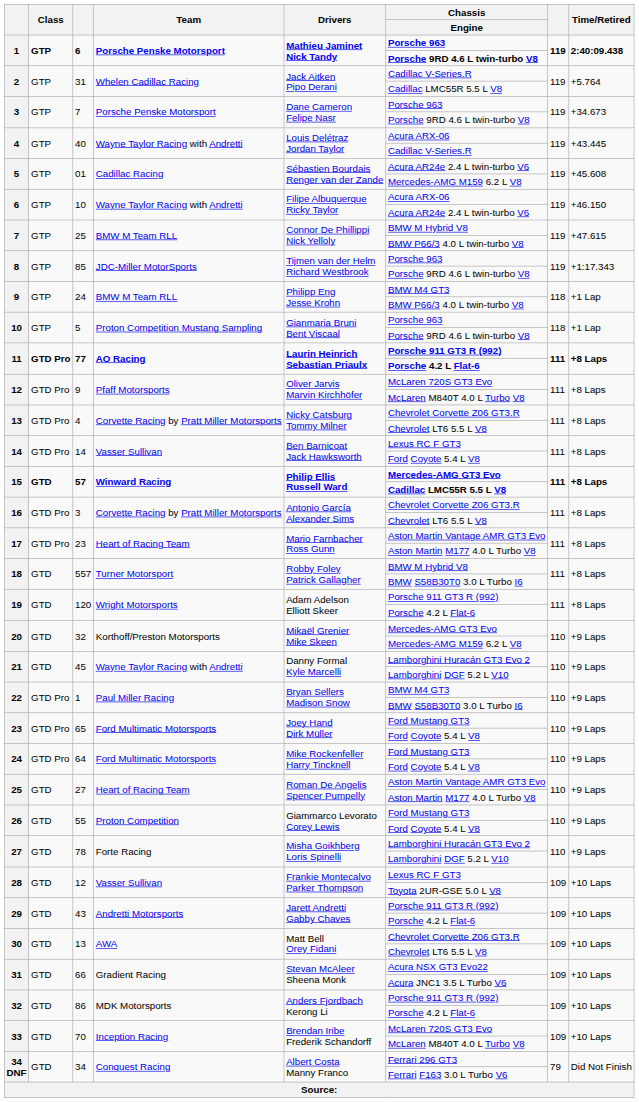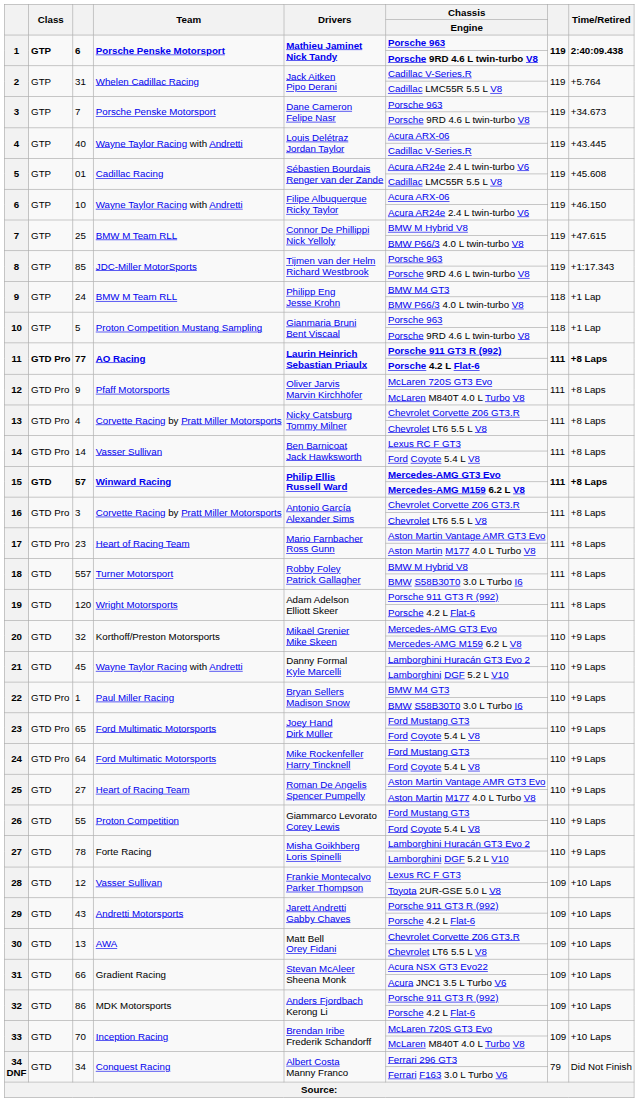 <table class="wikitable" style="font-size:95%;">
 <tr>
 <th rowspan="2"></th>
 <th rowspan="2">Class</th>
 <th rowspan="2"></th>
 <th rowspan="2">Team</th>
 <th rowspan="2">Drivers</th>
 <th>Chassis</th>
 <th rowspan="2"></th>
 <th rowspan="2">Time/Retired</th>
 </tr>
 <tr>
 <th>Engine</th>
 </tr>
 <tr style="font-weight:bold">
 <th rowspan="2">1</th>
 <td rowspan="2">GTP</td>
 <td rowspan="2">6</td>
 <td rowspan="2"> <a href='#'>Porsche Penske Motorsport</a></td>
 <td rowspan="2"> <a href='#'>Mathieu Jaminet</a><br> <a href='#'>Nick Tandy</a></td>
 <td><a href='#'>Porsche 963</a></td>
 <td rowspan="2">119</td>
 <td rowspan="2">2:40:09.438</td>
 </tr>
 <tr style="font-weight:bold">
 <td><a href='#'>Porsche</a> 9RD 4.6 L twin-turbo <a href='#'>V8</a></td>
 </tr>
 <tr>
 <th rowspan="2">2</th>
 <td rowspan="2">GTP</td>
 <td rowspan="2">31</td>
 <td rowspan="2"> <a href='#'>Whelen Cadillac Racing</a></td>
 <td rowspan="2"> <a href='#'>Jack Aitken</a><br> <a href='#'>Pipo Derani</a></td>
 <td><a href='#'>Cadillac V-Series.R</a></td>
 <td rowspan="2">119</td>
 <td rowspan="2">+5.764</td>
 </tr>
 <tr>
 <td><a href='#'>Cadillac</a> LMC55R 5.5 L <a href='#'>V8</a></td>
 </tr>
 <tr>
 <th rowspan="2">3</th>
 <td rowspan="2">GTP</td>
 <td rowspan="2">7</td>
 <td rowspan="2"> <a href='#'>Porsche Penske Motorsport</a></td>
 <td rowspan="2"> <a href='#'>Dane Cameron</a><br> <a href='#'>Felipe Nasr</a></td>
 <td><a href='#'>Porsche 963</a></td>
 <td rowspan="2">119</td>
 <td rowspan="2">+34.673</td>
 </tr>
 <tr>
 <td><a href='#'>Porsche</a> 9RD 4.6 L twin-turbo <a href='#'>V8</a></td>
 </tr>
 <tr>
 <th rowspan="2">4</th>
 <td rowspan="2">GTP</td>
 <td rowspan="2">40</td>
 <td rowspan="2"> <a href='#'>Wayne Taylor Racing</a> with <a href='#'>Andretti</a></td>
 <td rowspan="2"> <a href='#'>Louis Delétraz</a><br> <a href='#'>Jordan Taylor</a></td>
 <td><a href='#'>Acura ARX-06</a></td>
 <td rowspan="2">119</td>
 <td rowspan="2">+43.445</td>
 </tr>
 <tr>
 <td><a href='#'>Cadillac V-Series.R</a></td>
 </tr>
 <tr>
 <th rowspan="2">5</th>
 <td rowspan="2">GTP</td>
 <td rowspan="2">01</td>
 <td rowspan="2"> <a href='#'>Cadillac Racing</a></td>
 <td rowspan="2"> <a href='#'>Sébastien Bourdais</a><br> <a href='#'>Renger van der Zande</a></td>
 <td><a href='#'>Acura AR24e</a> 2.4 L twin-turbo <a href='#'>V6</a></td>
 <td rowspan="2">119</td>
 <td rowspan="2">+45.608</td>
 </tr>
 <tr>
-<td><a href='#'>Mercedes-AMG M159</a> 6.2 L <a href='#'>V8</a></td>
+<td><a href='#'>Cadillac</a> LMC55R 5.5 L <a href='#'>V8</a></td>
 </tr>
 <tr>
 <th rowspan="2">6</th>
 <td rowspan="2">GTP</td>
 <td rowspan="2">10</td>
 <td rowspan="2"> <a href='#'>Wayne Taylor Racing</a> with <a href='#'>Andretti</a></td>
 <td rowspan="2"> <a href='#'>Filipe Albuquerque</a><br> <a href='#'>Ricky Taylor</a></td>
 <td><a href='#'>Acura ARX-06</a></td>
 <td rowspan="2">119</td>
 <td rowspan="2">+46.150</td>
 </tr>
 <tr>
 <td><a href='#'>Acura AR24e</a> 2.4 L twin-turbo <a href='#'>V6</a></td>
 </tr>
 <tr>
 <th rowspan="2">7</th>
 <td rowspan="2">GTP</td>
 <td rowspan="2">25</td>
 <td rowspan="2"> <a href='#'>BMW M Team RLL</a></td>
 <td rowspan="2"> <a href='#'>Connor De Phillippi</a><br> <a href='#'>Nick Yelloly</a></td>
 <td><a href='#'>BMW M Hybrid V8</a></td>
 <td rowspan="2">119</td>
 <td rowspan="2">+47.615</td>
 </tr>
 <tr>
 <td><a href='#'>BMW P66/3</a> 4.0 L twin-turbo <a href='#'>V8</a></td>
 </tr>
 <tr>
 <th rowspan="2">8</th>
 <td rowspan="2">GTP</td>
 <td rowspan="2">85</td>
 <td rowspan="2"> <a href='#'>JDC-Miller MotorSports</a></td>
 <td rowspan="2"> <a href='#'>Tijmen van der Helm</a><br> <a href='#'>Richard Westbrook</a></td>
 <td><a href='#'>Porsche 963</a></td>
 <td rowspan="2">119</td>
 <td rowspan="2">+1:17.343</td>
 </tr>
 <tr>
 <td><a href='#'>Porsche</a> 9RD 4.6 L twin-turbo <a href='#'>V8</a></td>
 </tr>
 <tr>
 <th rowspan="2">9</th>
 <td rowspan="2">GTP</td>
 <td rowspan="2">24</td>
 <td rowspan="2"> <a href='#'>BMW M Team RLL</a></td>
 <td rowspan="2"> <a href='#'>Philipp Eng</a><br> <a href='#'>Jesse Krohn</a></td>
 <td><a href='#'>BMW M4 GT3</a></td>
 <td rowspan="2">118</td>
 <td rowspan="2">+1 Lap</td>
 </tr>
 <tr>
 <td><a href='#'>BMW P66/3</a> 4.0 L twin-turbo <a href='#'>V8</a></td>
 </tr>
 <tr>
 <th rowspan="2">10</th>
 <td rowspan="2">GTP</td>
 <td rowspan="2">5</td>
 <td rowspan="2"> <a href='#'>Proton Competition Mustang Sampling</a></td>
 <td rowspan="2"> <a href='#'>Gianmaria Bruni</a><br> <a href='#'>Bent Viscaal</a></td>
 <td><a href='#'>Porsche 963</a></td>
 <td rowspan="2">118</td>
 <td rowspan="2">+1 Lap</td>
 </tr>
 <tr>
 <td><a href='#'>Porsche</a> 9RD 4.6 L twin-turbo <a href='#'>V8</a></td>
 </tr>
 <tr style="font-weight:bold">
 <th rowspan="2">11</th>
 <td rowspan="2">GTD Pro</td>
 <td rowspan="2">77</td>
 <td rowspan="2"> <a href='#'>AO Racing</a></td>
 <td rowspan="2"> <a href='#'>Laurin Heinrich</a><br> <a href='#'>Sebastian Priaulx</a></td>
 <td><a href='#'>Porsche 911 GT3 R (992)</a></td>
 <td rowspan="2">111</td>
 <td rowspan="2">+8 Laps</td>
 </tr>
 <tr style="font-weight:bold">
 <td><a href='#'>Porsche</a> 4.2 L <a href='#'>Flat-6</a></td>
 </tr>
 <tr>
 <th rowspan="2">12</th>
 <td rowspan="2">GTD Pro</td>
 <td rowspan="2">9</td>
 <td rowspan="2"> <a href='#'>Pfaff Motorsports</a></td>
 <td rowspan="2"> <a href='#'>Oliver Jarvis</a><br> <a href='#'>Marvin Kirchhöfer</a></td>
 <td><a href='#'>McLaren 720S GT3 Evo</a></td>
 <td rowspan="2">111</td>
 <td rowspan="2">+8 Laps</td>
 </tr>
 <tr>
 <td><a href='#'>McLaren</a> M840T 4.0 L <a href='#'>Turbo</a> <a href='#'>V8</a></td>
 </tr>
 <tr>
 <th rowspan="2">13</th>
 <td rowspan="2">GTD Pro</td>
 <td rowspan="2">4</td>
 <td rowspan="2"> <a href='#'>Corvette Racing</a> by <a href='#'>Pratt Miller Motorsports</a></td>
 <td rowspan="2"> <a href='#'>Nicky Catsburg</a><br> <a href='#'>Tommy Milner</a></td>
 <td><a href='#'>Chevrolet Corvette Z06 GT3.R</a></td>
 <td rowspan="2">111</td>
 <td rowspan="2">+8 Laps</td>
 </tr>
 <tr>
 <td><a href='#'>Chevrolet</a> LT6 5.5 L <a href='#'>V8</a></td>
 </tr>
 <tr>
 <th rowspan="2">14</th>
 <td rowspan="2">GTD Pro</td>
 <td rowspan="2">14</td>
 <td rowspan="2"> <a href='#'>Vasser Sullivan</a></td>
 <td rowspan="2"> <a href='#'>Ben Barnicoat</a><br> <a href='#'>Jack Hawksworth</a></td>
 <td><a href='#'>Lexus RC F GT3</a></td>
 <td rowspan="2">111</td>
 <td rowspan="2">+8 Laps</td>
 </tr>
 <tr>
 <td><a href='#'>Ford</a> <a href='#'>Coyote</a> 5.4 L <a href='#'>V8</a></td>
 </tr>
 <tr style="font-weight:bold">
 <th rowspan="2">15</th>
 <td rowspan="2">GTD</td>
 <td rowspan="2">57</td>
 <td rowspan="2"> <a href='#'>Winward Racing</a></td>
 <td rowspan="2"> <a href='#'>Philip Ellis</a><br> <a href='#'>Russell Ward</a></td>
 <td><a href='#'>Mercedes-AMG GT3 Evo</a></td>
 <td rowspan="2">111</td>
 <td rowspan="2">+8 Laps</td>
 </tr>
 <tr style="font-weight:bold">
-<td><a href='#'>Cadillac</a> LMC55R 5.5 L <a href='#'>V8</a></td>
+<td><a href='#'>Mercedes-AMG M159</a> 6.2 L <a href='#'>V8</a></td>
 </tr>
 <tr>
 <th rowspan="2">16</th>
 <td rowspan="2">GTD Pro</td>
 <td rowspan="2">3</td>
 <td rowspan="2"> <a href='#'>Corvette Racing</a> by <a href='#'>Pratt Miller Motorsports</a></td>
 <td rowspan="2"> <a href='#'>Antonio García</a><br> <a href='#'>Alexander Sims</a></td>
 <td><a href='#'>Chevrolet Corvette Z06 GT3.R</a></td>
 <td rowspan="2">111</td>
 <td rowspan="2">+8 Laps</td>
 </tr>
 <tr>
 <td><a href='#'>Chevrolet</a> LT6 5.5 L <a href='#'>V8</a></td>
 </tr>
 <tr>
 <th rowspan="2">17</th>
 <td rowspan="2">GTD Pro</td>
 <td rowspan="2">23</td>
 <td rowspan="2"> <a href='#'>Heart of Racing Team</a></td>
 <td rowspan="2"> <a href='#'>Mario Farnbacher</a><br> <a href='#'>Ross Gunn</a></td>
 <td><a href='#'>Aston Martin Vantage AMR GT3 Evo</a></td>
 <td rowspan="2">111</td>
 <td rowspan="2">+8 Laps</td>
 </tr>
 <tr>
 <td><a href='#'>Aston Martin</a> <a href='#'>M177</a> 4.0 L Turbo <a href='#'>V8</a></td>
 </tr>
 <tr>
 <th rowspan="2">18</th>
 <td rowspan="2">GTD</td>
 <td rowspan="2">557</td>
 <td rowspan="2"> <a href='#'>Turner Motorsport</a></td>
 <td rowspan="2"> <a href='#'>Robby Foley</a><br> <a href='#'>Patrick Gallagher</a></td>
 <td><a href='#'>BMW M Hybrid V8</a></td>
 <td rowspan="2">111</td>
 <td rowspan="2">+8 Laps</td>
 </tr>
 <tr>
 <td><a href='#'>BMW</a> <a href='#'>S58B30T0</a> 3.0 L Turbo <a href='#'>I6</a></td>
 </tr>
 <tr>
 <th rowspan="2">19</th>
 <td rowspan="2">GTD</td>
 <td rowspan="2">120</td>
 <td rowspan="2"> <a href='#'>Wright Motorsports</a></td>
 <td rowspan="2"> Adam Adelson<br> Elliott Skeer</td>
 <td><a href='#'>Porsche 911 GT3 R (992)</a></td>
 <td rowspan="2">111</td>
 <td rowspan="2">+8 Laps</td>
 </tr>
 <tr>
 <td><a href='#'>Porsche</a> 4.2 L <a href='#'>Flat-6</a></td>
 </tr>
 <tr>
 <th rowspan="2">20</th>
 <td rowspan="2">GTD</td>
 <td rowspan="2">32</td>
 <td rowspan="2"> Korthoff/Preston Motorsports</td>
 <td rowspan="2"> <a href='#'>Mikaël Grenier</a><br> <a href='#'>Mike Skeen</a></td>
 <td><a href='#'>Mercedes-AMG GT3 Evo</a></td>
 <td rowspan="2">110</td>
 <td rowspan="2">+9 Laps</td>
 </tr>
 <tr>
 <td><a href='#'>Mercedes-AMG M159</a> 6.2 L <a href='#'>V8</a></td>
 </tr>
 <tr>
 <th rowspan="2">21</th>
 <td rowspan="2">GTD</td>
 <td rowspan="2">45</td>
 <td rowspan="2"> <a href='#'>Wayne Taylor Racing</a> with <a href='#'>Andretti</a></td>
 <td rowspan="2"> Danny Formal<br> <a href='#'>Kyle Marcelli</a></td>
 <td><a href='#'>Lamborghini Huracán GT3 Evo 2</a></td>
 <td rowspan="2">110</td>
 <td rowspan="2">+9 Laps</td>
 </tr>
 <tr>
 <td><a href='#'>Lamborghini</a> <a href='#'>DGF</a> 5.2 L <a href='#'>V10</a></td>
 </tr>
 <tr>
 <th rowspan="2">22</th>
 <td rowspan="2">GTD Pro</td>
 <td rowspan="2">1</td>
 <td rowspan="2"> <a href='#'>Paul Miller Racing</a></td>
 <td rowspan="2"> <a href='#'>Bryan Sellers</a><br> <a href='#'>Madison Snow</a></td>
 <td><a href='#'>BMW M4 GT3</a></td>
 <td rowspan="2">110</td>
 <td rowspan="2">+9 Laps</td>
 </tr>
 <tr>
 <td><a href='#'>BMW</a> <a href='#'>S58B30T0</a> 3.0 L Turbo <a href='#'>I6</a></td>
 </tr>
 <tr>
 <th rowspan="2">23</th>
 <td rowspan="2">GTD Pro</td>
 <td rowspan="2">65</td>
 <td rowspan="2"> <a href='#'>Ford Multimatic Motorsports</a></td>
 <td rowspan="2"> <a href='#'>Joey Hand</a><br> <a href='#'>Dirk Müller</a></td>
 <td><a href='#'>Ford Mustang GT3</a></td>
 <td rowspan="2">110</td>
 <td rowspan="2">+9 Laps</td>
 </tr>
 <tr>
 <td><a href='#'>Ford</a> <a href='#'>Coyote</a> 5.4 L <a href='#'>V8</a></td>
 </tr>
 <tr>
 <th rowspan="2">24</th>
 <td rowspan="2">GTD Pro</td>
 <td rowspan="2">64</td>
 <td rowspan="2"> <a href='#'>Ford Multimatic Motorsports</a></td>
 <td rowspan="2"> <a href='#'>Mike Rockenfeller</a><br> <a href='#'>Harry Tincknell</a></td>
 <td><a href='#'>Ford Mustang GT3</a></td>
 <td rowspan="2">110</td>
 <td rowspan="2">+9 Laps</td>
 </tr>
 <tr>
 <td><a href='#'>Ford</a> <a href='#'>Coyote</a> 5.4 L <a href='#'>V8</a></td>
 </tr>
 <tr>
 <th rowspan="2">25</th>
 <td rowspan="2">GTD</td>
 <td rowspan="2">27</td>
 <td rowspan="2"> <a href='#'>Heart of Racing Team</a></td>
 <td rowspan="2"> <a href='#'>Roman De Angelis</a><br> <a href='#'>Spencer Pumpelly</a></td>
 <td><a href='#'>Aston Martin Vantage AMR GT3 Evo</a></td>
 <td rowspan="2">110</td>
 <td rowspan="2">+9 Laps</td>
 </tr>
 <tr>
 <td><a href='#'>Aston Martin</a> <a href='#'>M177</a> 4.0 L Turbo <a href='#'>V8</a></td>
 </tr>
 <tr>
 <th rowspan="2">26</th>
 <td rowspan="2">GTD</td>
 <td rowspan="2">55</td>
 <td rowspan="2"> <a href='#'>Proton Competition</a></td>
 <td rowspan="2"> Giammarco Levorato<br> <a href='#'>Corey Lewis</a></td>
 <td><a href='#'>Ford Mustang GT3</a></td>
 <td rowspan="2">110</td>
 <td rowspan="2">+9 Laps</td>
 </tr>
 <tr>
 <td><a href='#'>Ford</a> <a href='#'>Coyote</a> 5.4 L <a href='#'>V8</a></td>
 </tr>
 <tr>
 <th rowspan="2">27</th>
 <td rowspan="2">GTD</td>
 <td rowspan="2">78</td>
 <td rowspan="2"> Forte Racing</td>
 <td rowspan="2"> <a href='#'>Misha Goikhberg</a><br> <a href='#'>Loris Spinelli</a></td>
 <td><a href='#'>Lamborghini Huracán GT3 Evo 2</a></td>
 <td rowspan="2">110</td>
 <td rowspan="2">+9 Laps</td>
 </tr>
 <tr>
 <td><a href='#'>Lamborghini</a> <a href='#'>DGF</a> 5.2 L <a href='#'>V10</a></td>
 </tr>
 <tr>
 <th rowspan="2">28</th>
 <td rowspan="2">GTD</td>
 <td rowspan="2">12</td>
 <td rowspan="2"> <a href='#'>Vasser Sullivan</a></td>
 <td rowspan="2"> <a href='#'>Frankie Montecalvo</a><br> <a href='#'>Parker Thompson</a></td>
 <td><a href='#'>Lexus RC F GT3</a></td>
 <td rowspan="2">109</td>
 <td rowspan="2">+10 Laps</td>
 </tr>
 <tr>
 <td><a href='#'>Toyota</a> 2UR-GSE 5.0 L <a href='#'>V8</a></td>
 </tr>
 <tr>
 <th rowspan="2">29</th>
 <td rowspan="2">GTD</td>
 <td rowspan="2">43</td>
 <td rowspan="2"> <a href='#'>Andretti Motorsports</a></td>
 <td rowspan="2"> <a href='#'>Jarett Andretti</a><br> <a href='#'>Gabby Chaves</a></td>
 <td><a href='#'>Porsche 911 GT3 R (992)</a></td>
 <td rowspan="2">109</td>
 <td rowspan="2">+10 Laps</td>
 </tr>
 <tr>
 <td><a href='#'>Porsche</a> 4.2 L <a href='#'>Flat-6</a></td>
 </tr>
 <tr>
 <th rowspan="2">30</th>
 <td rowspan="2">GTD</td>
 <td rowspan="2">13</td>
 <td rowspan="2"> <a href='#'>AWA</a></td>
 <td rowspan="2"> Matt Bell<br> <a href='#'>Orey Fidani</a></td>
 <td><a href='#'>Chevrolet Corvette Z06 GT3.R</a></td>
 <td rowspan="2">109</td>
 <td rowspan="2">+10 Laps</td>
 </tr>
 <tr>
 <td><a href='#'>Chevrolet</a> LT6 5.5 L <a href='#'>V8</a></td>
 </tr>
 <tr>
 <th rowspan="2">31</th>
 <td rowspan="2">GTD</td>
 <td rowspan="2">66</td>
 <td rowspan="2"> Gradient Racing</td>
 <td rowspan="2"> <a href='#'>Stevan McAleer</a><br> Sheena Monk</td>
 <td><a href='#'>Acura NSX GT3 Evo22</a></td>
 <td rowspan="2">109</td>
 <td rowspan="2">+10 Laps</td>
 </tr>
 <tr>
 <td><a href='#'>Acura</a> JNC1 3.5 L Turbo <a href='#'>V6</a></td>
 </tr>
 <tr>
 <th rowspan="2">32</th>
 <td rowspan="2">GTD</td>
 <td rowspan="2">86</td>
 <td rowspan="2"> MDK Motorsports</td>
 <td rowspan="2"> <a href='#'>Anders Fjordbach</a><br> Kerong Li</td>
 <td><a href='#'>Porsche 911 GT3 R (992)</a></td>
 <td rowspan="2">109</td>
 <td rowspan="2">+10 Laps</td>
 </tr>
 <tr>
 <td><a href='#'>Porsche</a> 4.2 L <a href='#'>Flat-6</a></td>
 </tr>
 <tr>
 <th rowspan="2">33</th>
 <td rowspan="2">GTD</td>
 <td rowspan="2">70</td>
 <td rowspan="2"> <a href='#'>Inception Racing</a></td>
 <td rowspan="2"> <a href='#'>Brendan Iribe</a><br> Frederik Schandorff</td>
 <td><a href='#'>McLaren 720S GT3 Evo</a></td>
 <td rowspan="2">109</td>
 <td rowspan="2">+10 Laps</td>
 </tr>
 <tr>
 <td><a href='#'>McLaren</a> M840T 4.0 L <a href='#'>Turbo</a> <a href='#'>V8</a></td>
 </tr>
 <tr>
 <th rowspan="2">34<br>DNF</th>
 <td rowspan="2">GTD</td>
 <td rowspan="2">34</td>
 <td rowspan="2"> <a href='#'>Conquest Racing</a></td>
 <td rowspan="2"> <a href='#'>Albert Costa</a><br> Manny Franco</td>
 <td><a href='#'>Ferrari 296 GT3</a></td>
 <td rowspan="2">79</td>
 <td rowspan="2">Did Not Finish</td>
 </tr>
 <tr>
 <td><a href='#'>Ferrari</a> <a href='#'>F163</a> 3.0 L Turbo <a href='#'>V6</a></td>
 </tr>
 <tr>
 <th colspan="8">Source:</th>
 </tr>
 </table>
